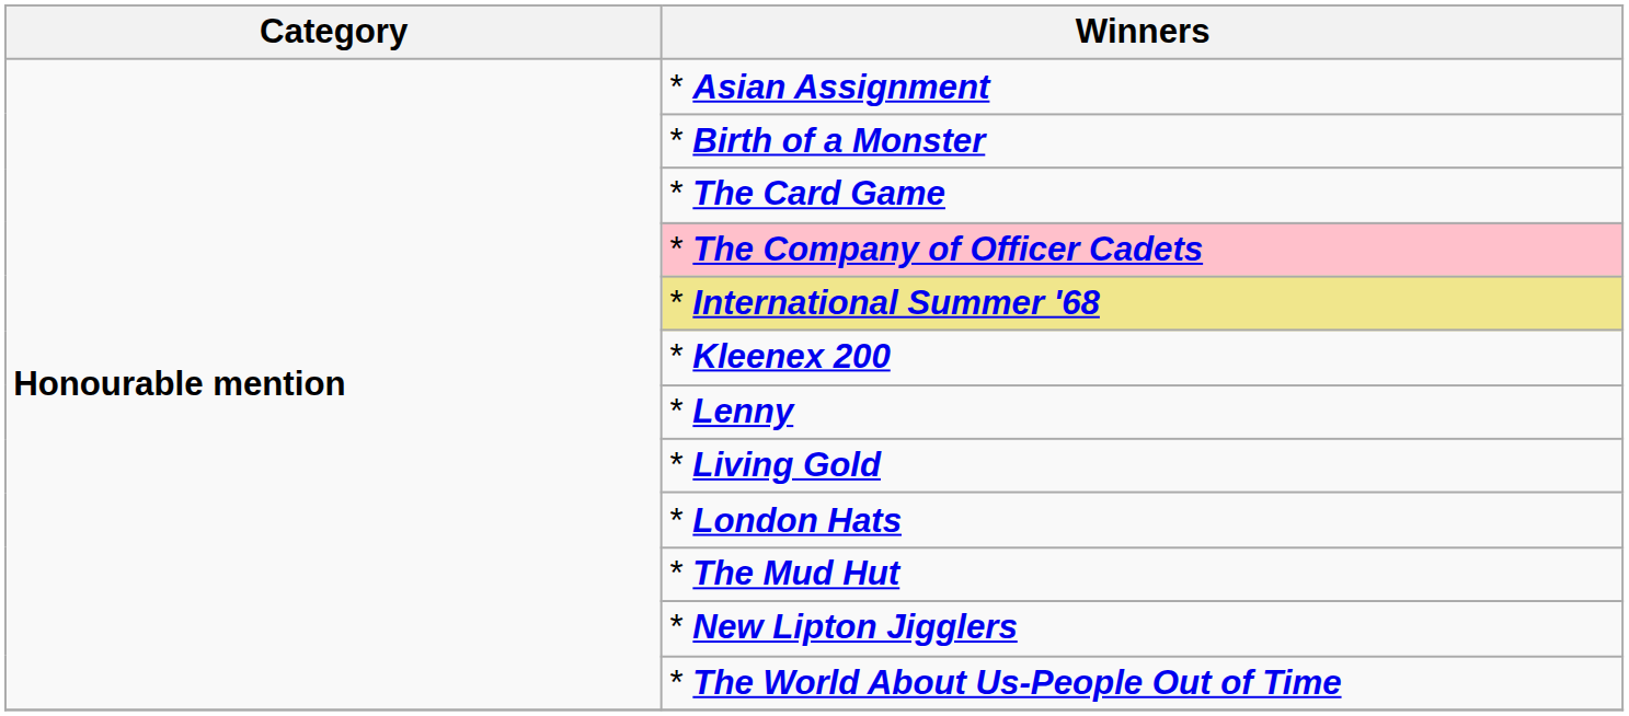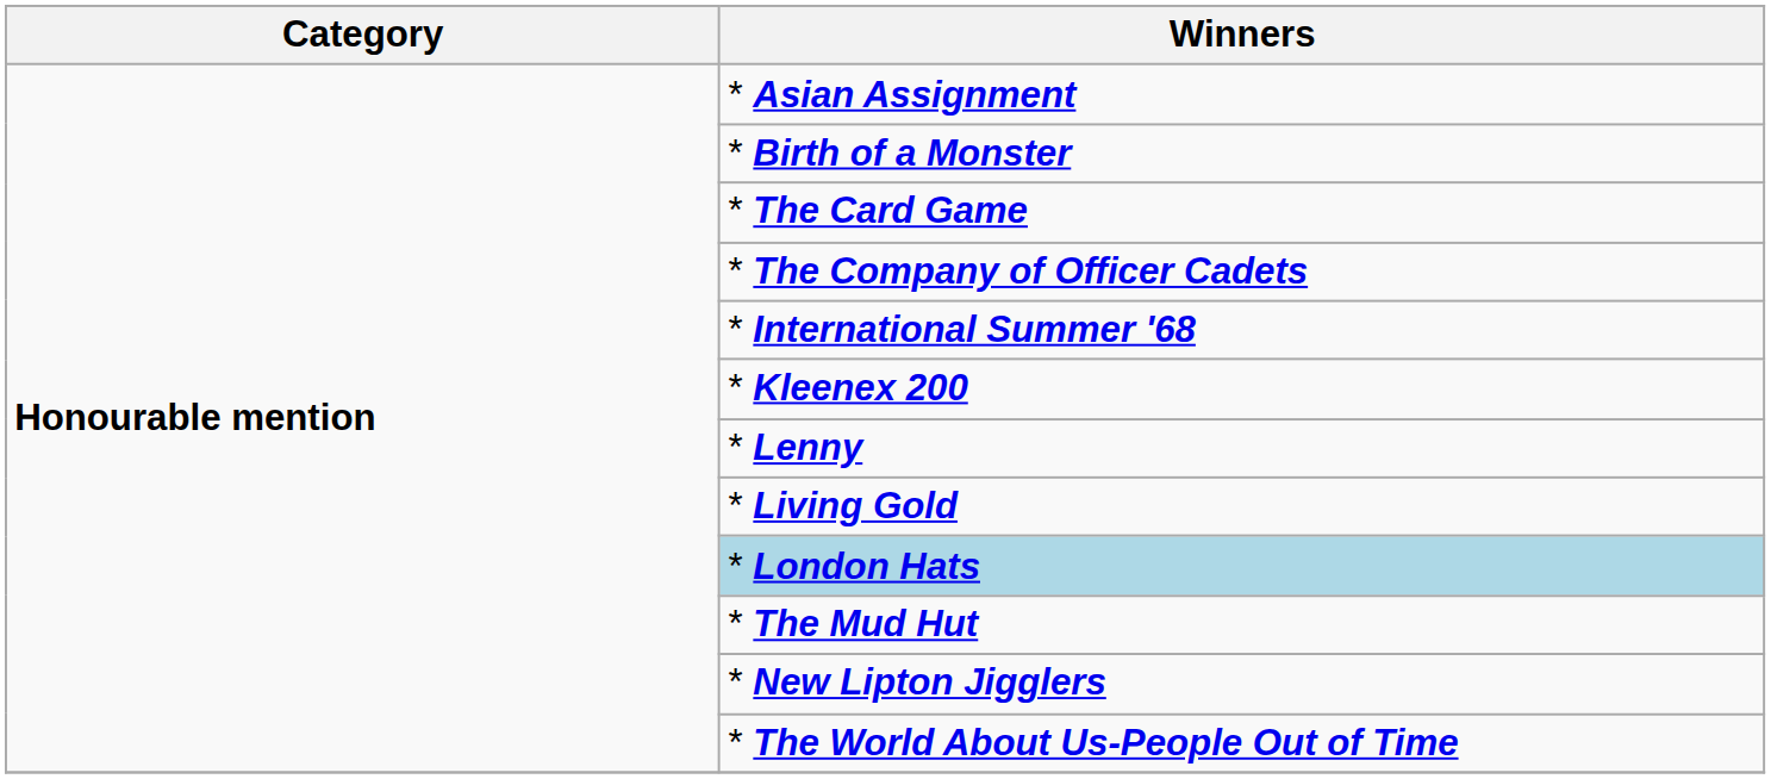 <table class="wikitable" width="60%" align="centre">
 <tr>
 <th width="300px">Category</th>
 <th>Winners</th>
 </tr>
 <tr>
 <td rowspan=12><strong>Honourable mention</strong></td>
 <td>* <strong><em><a href='#'>Asian Assignment</a></em></strong></td>
 </tr>
 <tr>
 <td>* <strong><em><a href='#'>Birth of a Monster</a></em></strong></td>
 </tr>
 <tr>
 <td>* <strong><em><a href='#'>The Card Game</a></em></strong></td>
 </tr>
 <tr>
-<td style="background: pink;">* <strong><em><a href='#'>The Company of Officer Cadets</a></em></strong></td>
+<td>* <strong><em><a href='#'>The Company of Officer Cadets</a></em></strong></td>
 </tr>
 <tr>
-<td style="background: khaki;">* <strong><em><a href='#'>International Summer '68</a></em></strong></td>
+<td>* <strong><em><a href='#'>International Summer '68</a></em></strong></td>
 </tr>
 <tr>
 <td>* <strong><em><a href='#'>Kleenex 200</a></em></strong></td>
 </tr>
 <tr>
 <td>* <strong><em><a href='#'>Lenny</a></em></strong></td>
 </tr>
 <tr>
 <td>* <strong><em><a href='#'>Living Gold</a></em></strong></td>
 </tr>
 <tr>
-<td>* <strong><em><a href='#'>London Hats</a></em></strong></td>
+<td style="background: lightblue;">* <strong><em><a href='#'>London Hats</a></em></strong></td>
 </tr>
 <tr>
 <td>* <strong><em><a href='#'>The Mud Hut</a></em></strong></td>
 </tr>
 <tr>
 <td>* <strong><em><a href='#'>New Lipton Jigglers</a></em></strong></td>
 </tr>
 <tr>
 <td>* <strong><em><a href='#'>The World About Us-People Out of Time</a></em></strong></td>
 </tr>
 <tr>
 </tr>
 </table>
